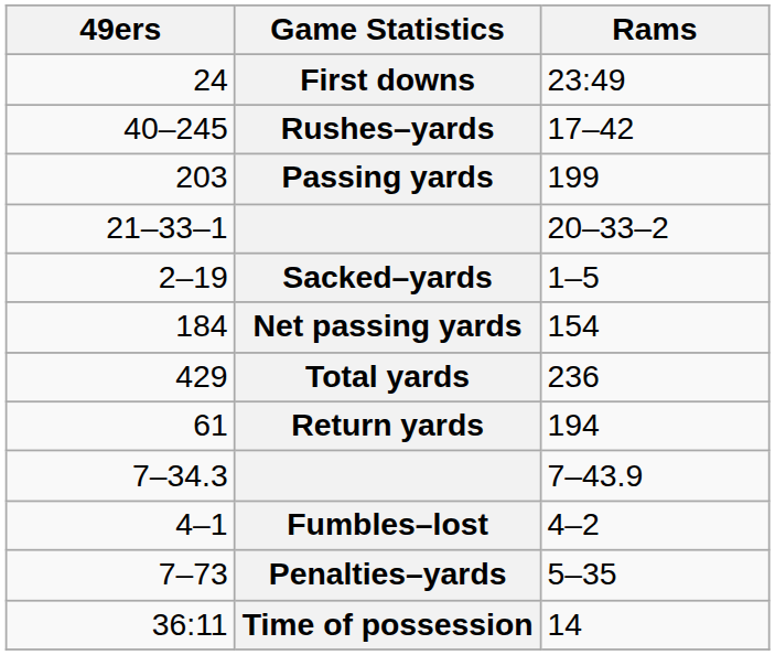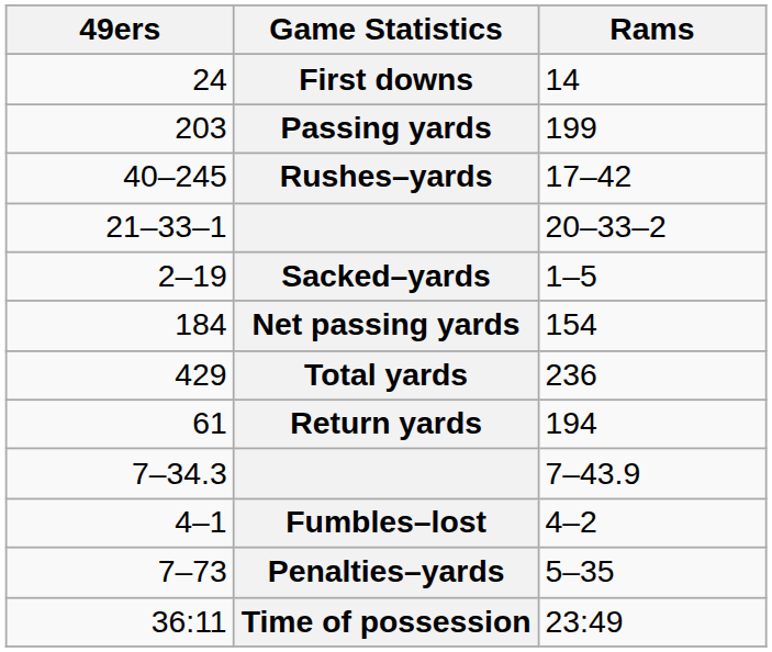 <table class="wikitable" style="margin: 1em auto 1em auto">
 <tr>
 <th style="width:30%;">49ers</th>
 <th style="width:40%;">Game Statistics</th>
 <th style="width:30%;">Rams</th>
 </tr>
 <tr>
 <td style="text-align:right;">24</td>
 <th>First downs</th>
-<td>23:49</td>
+<td>14</td>
+</tr>
+<tr>
+<td style="text-align:right;">203</td>
+<th>Passing yards</th>
+<td>199</td>
 </tr>
 <tr>
 <td style="text-align:right;">40–245</td>
 <th>Rushes–yards</th>
 <td>17–42</td>
-</tr>
-<tr>
-<td style="text-align:right;">203</td>
-<th>Passing yards</th>
-<td>199</td>
 </tr>
 <tr>
 <td style="text-align:right;">21–33–1</td>
 <th></th>
 <td>20–33–2</td>
 </tr>
 <tr>
 <td style="text-align:right;">2–19</td>
 <th>Sacked–yards</th>
 <td>1–5</td>
 </tr>
 <tr>
 <td style="text-align:right;">184</td>
 <th>Net passing yards</th>
 <td>154</td>
 </tr>
 <tr>
 <td style="text-align:right;">429</td>
 <th>Total yards</th>
 <td>236</td>
 </tr>
 <tr>
 <td style="text-align:right;">61</td>
 <th>Return yards</th>
 <td>194</td>
 </tr>
 <tr>
 <td style="text-align:right;">7–34.3</td>
 <th></th>
 <td>7–43.9</td>
 </tr>
 <tr>
 <td style="text-align:right;">4–1</td>
 <th>Fumbles–lost</th>
 <td>4–2</td>
 </tr>
 <tr>
 <td style="text-align:right;">7–73</td>
 <th>Penalties–yards</th>
 <td>5–35</td>
 </tr>
 <tr>
 <td style="text-align:right;">36:11</td>
 <th>Time of possession</th>
-<td>14</td>
+<td>23:49</td>
 </tr>
 </table>
